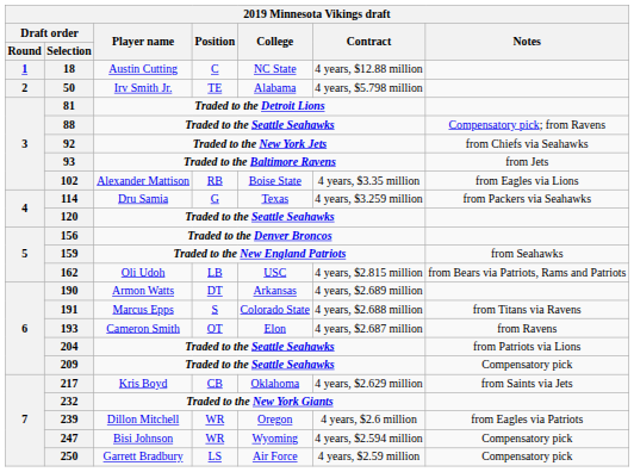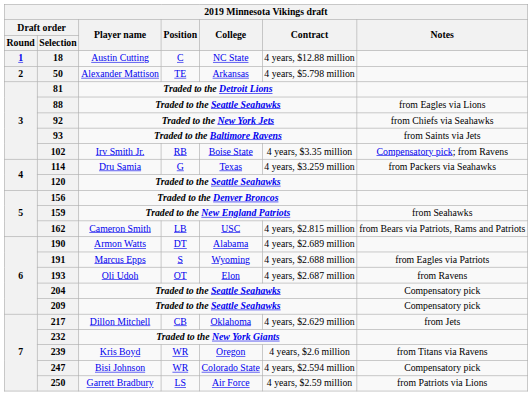 <table class="wikitable" style="text-align:center">
 <tr>
 <th colspan="8">2019 Minnesota Vikings draft</th>
 </tr>
 <tr>
 <th colspan="2">Draft order</th>
 <th rowspan="2">Player name</th>
 <th rowspan="2">Position</th>
 <th rowspan="2">College</th>
 <th rowspan="2">Contract</th>
 <th rowspan="2">Notes</th>
 </tr>
 <tr>
 <th>Round</th>
 <th>Selection</th>
 </tr>
 <tr>
 <th><a href='#'>1</a></th>
 <th>18</th>
 <td><a href='#'>Austin Cutting</a></td>
 <td><a href='#'>C</a></td>
 <td><a href='#'>NC State</a></td>
 <td>4 years, $12.88 million</td>
 <td></td>
 </tr>
 <tr>
 <th>2</th>
 <th>50</th>
-<td><a href='#'>Irv Smith Jr.</a></td>
+<td><a href='#'>Alexander Mattison</a></td>
 <td><a href='#'>TE</a></td>
-<td><a href='#'>Alabama</a></td>
+<td><a href='#'>Arkansas</a></td>
 <td>4 years, $5.798 million</td>
 <td></td>
 </tr>
 <tr>
 <th rowspan="5">3</th>
 <th>81</th>
 <td colspan="4"><strong><em>Traded to the <a href='#'>Detroit Lions</a></em></strong></td>
 <td></td>
 </tr>
 <tr>
 <th>88</th>
 <td colspan="4"><strong><em>Traded to the <a href='#'>Seattle Seahawks</a></em></strong></td>
-<td><a href='#'>Compensatory pick</a>; from Ravens</td>
+<td>from Eagles via Lions</td>
 </tr>
 <tr>
 <th>92</th>
 <td colspan="4"><strong><em>Traded to the <a href='#'>New York Jets</a></em></strong></td>
 <td>from Chiefs via Seahawks</td>
 </tr>
 <tr>
 <th>93</th>
 <td colspan="4"><strong><em>Traded to the <a href='#'>Baltimore Ravens</a></em></strong></td>
-<td>from Jets</td>
+<td>from Saints via Jets</td>
 </tr>
 <tr>
 <th>102</th>
-<td><a href='#'>Alexander Mattison</a></td>
+<td><a href='#'>Irv Smith Jr.</a></td>
 <td><a href='#'>RB</a></td>
 <td><a href='#'>Boise State</a></td>
 <td>4 years, $3.35 million</td>
-<td>from Eagles via Lions</td>
+<td><a href='#'>Compensatory pick</a>; from Ravens</td>
 </tr>
 <tr>
 <th rowspan="2">4</th>
 <th>114</th>
 <td><a href='#'>Dru Samia</a></td>
 <td><a href='#'>G</a></td>
 <td><a href='#'>Texas</a></td>
 <td>4 years, $3.259 million</td>
 <td>from Packers via Seahawks</td>
 </tr>
 <tr>
 <th>120</th>
 <td colspan="4"><strong><em>Traded to the <a href='#'>Seattle Seahawks</a></em></strong></td>
 <td></td>
 </tr>
 <tr>
 <th rowspan="3">5</th>
 <th>156</th>
 <td colspan="4"><strong><em>Traded to the <a href='#'>Denver Broncos</a></em></strong></td>
 <td></td>
 </tr>
 <tr>
 <th>159</th>
 <td colspan="4"><strong><em>Traded to the <a href='#'>New England Patriots</a></em></strong></td>
 <td>from Seahawks</td>
 </tr>
 <tr>
 <th>162</th>
-<td><a href='#'>Oli Udoh</a></td>
+<td><a href='#'>Cameron Smith</a></td>
 <td><a href='#'>LB</a></td>
 <td><a href='#'>USC</a></td>
 <td>4 years, $2.815 million</td>
 <td>from Bears via Patriots, Rams and Patriots</td>
 </tr>
 <tr>
 <th rowspan="5">6</th>
 <th>190</th>
 <td><a href='#'>Armon Watts</a></td>
 <td><a href='#'>DT</a></td>
-<td><a href='#'>Arkansas</a></td>
+<td><a href='#'>Alabama</a></td>
 <td>4 years, $2.689 million</td>
 <td></td>
 </tr>
 <tr>
 <th>191</th>
 <td><a href='#'>Marcus Epps</a></td>
 <td><a href='#'>S</a></td>
-<td><a href='#'>Colorado State</a></td>
+<td><a href='#'>Wyoming</a></td>
 <td>4 years, $2.688 million</td>
-<td>from Titans via Ravens</td>
+<td>from Eagles via Patriots</td>
 </tr>
 <tr>
 <th>193</th>
-<td><a href='#'>Cameron Smith</a></td>
+<td><a href='#'>Oli Udoh</a></td>
 <td><a href='#'>OT</a></td>
 <td><a href='#'>Elon</a></td>
 <td>4 years, $2.687 million</td>
 <td>from Ravens</td>
 </tr>
 <tr>
 <th>204</th>
 <td colspan="4"><strong><em>Traded to the <a href='#'>Seattle Seahawks</a></em></strong></td>
-<td>from Patriots via Lions</td>
+<td>Compensatory pick</td>
 </tr>
 <tr>
 <th>209</th>
 <td colspan="4"><strong><em>Traded to the <a href='#'>Seattle Seahawks</a></em></strong></td>
 <td>Compensatory pick</td>
 </tr>
 <tr>
 <th rowspan="5">7</th>
 <th>217</th>
-<td><a href='#'>Kris Boyd</a></td>
+<td><a href='#'>Dillon Mitchell</a></td>
 <td><a href='#'>CB</a></td>
 <td><a href='#'>Oklahoma</a></td>
 <td>4 years, $2.629 million</td>
-<td>from Saints via Jets</td>
+<td>from Jets</td>
 </tr>
 <tr>
 <th>232</th>
 <td colspan="4"><strong><em>Traded to the <a href='#'>New York Giants</a></em></strong></td>
 <td></td>
 </tr>
 <tr>
 <th>239</th>
-<td><a href='#'>Dillon Mitchell</a></td>
+<td><a href='#'>Kris Boyd</a></td>
 <td><a href='#'>WR</a></td>
 <td><a href='#'>Oregon</a></td>
 <td>4 years, $2.6 million</td>
-<td>from Eagles via Patriots</td>
+<td>from Titans via Ravens</td>
 </tr>
 <tr>
 <th>247</th>
 <td><a href='#'>Bisi Johnson</a></td>
 <td><a href='#'>WR</a></td>
-<td><a href='#'>Wyoming</a></td>
+<td><a href='#'>Colorado State</a></td>
 <td>4 years, $2.594 million</td>
 <td>Compensatory pick</td>
 </tr>
 <tr>
 <th>250</th>
 <td><a href='#'>Garrett Bradbury</a></td>
 <td><a href='#'>LS</a></td>
 <td><a href='#'>Air Force</a></td>
 <td>4 years, $2.59 million</td>
-<td>Compensatory pick</td>
+<td>from Patriots via Lions</td>
 </tr>
 </table>
